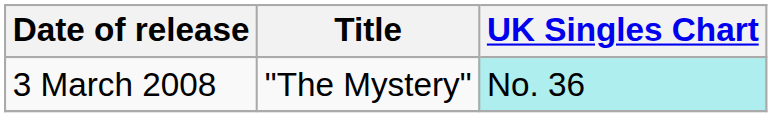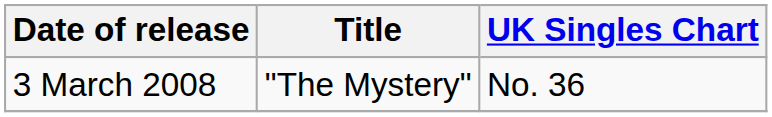 <table class="wikitable">
 <tr>
 <th align="left"><strong>Date of release</strong></th>
 <th align="left"><strong>Title</strong></th>
 <th align="left"><strong><a href='#'>UK Singles Chart</a></strong></th>
 </tr>
 <tr>
 <td>3 March 2008</td>
 <td>"The Mystery"</td>
-<td style="background: paleturquoise;">No. 36</td>
+<td>No. 36</td>
 </tr>
 <tr>
 </tr>
 </table>
